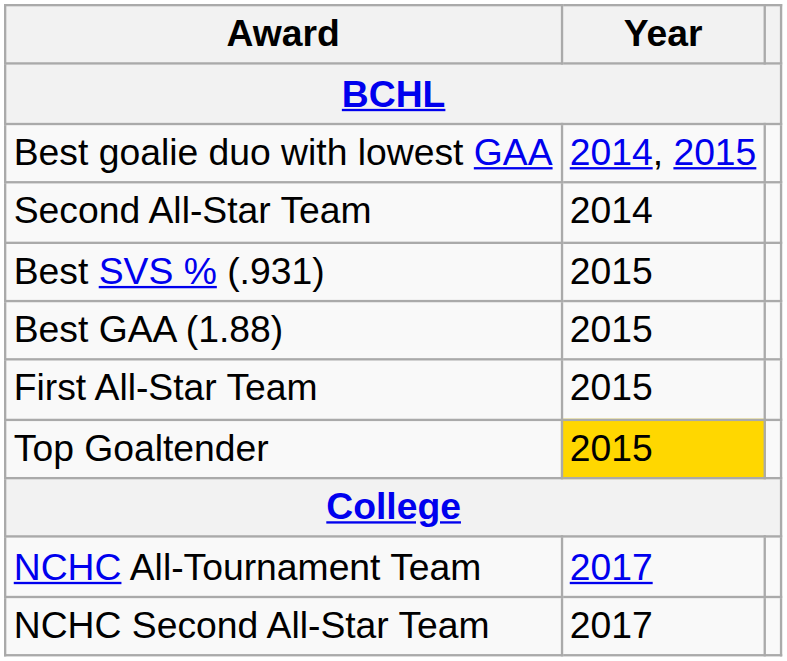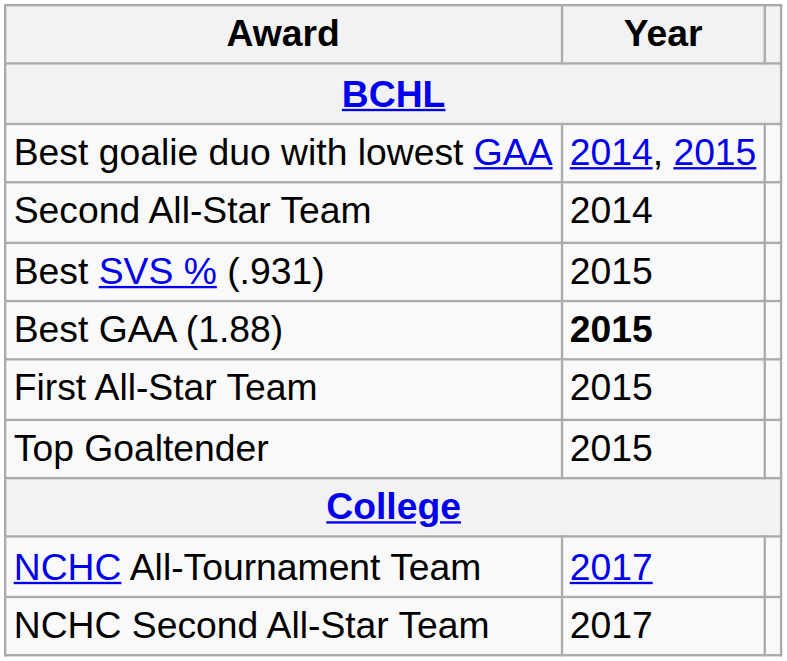 <table class="wikitable">
 <tr>
 <th>Award</th>
 <th>Year</th>
 <th></th>
 </tr>
 <tr>
 <th colspan="3"><a href='#'>BCHL</a></th>
 </tr>
 <tr>
 <td>Best goalie duo with lowest <a href='#'>GAA</a></td>
 <td><a href='#'>2014</a>, <a href='#'>2015</a></td>
 <td></td>
 </tr>
 <tr>
 <td>Second All-Star Team</td>
 <td>2014</td>
 <td></td>
 </tr>
 <tr>
 <td>Best <a href='#'>SVS %</a> (.931)</td>
 <td>2015</td>
 <td></td>
 </tr>
 <tr>
 <td>Best GAA (1.88)</td>
-<td>2015</td>
+<td><strong>2015</strong></td>
 <td></td>
 </tr>
 <tr>
 <td>First All-Star Team</td>
 <td>2015</td>
 <td></td>
 </tr>
 <tr>
 <td>Top Goaltender</td>
-<td style="background: gold;">2015</td>
+<td>2015</td>
 <td></td>
 </tr>
 <tr>
 <th colspan="3"><a href='#'>College</a></th>
 </tr>
 <tr>
 <td><a href='#'>NCHC</a> All-Tournament Team</td>
 <td><a href='#'>2017</a></td>
 <td></td>
 </tr>
 <tr>
 <td>NCHC Second All-Star Team</td>
 <td>2017</td>
 <td></td>
 </tr>
 </table>
